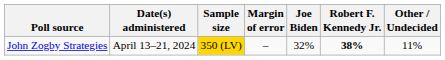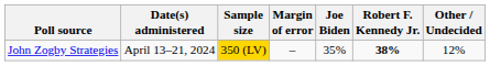 <table class="wikitable sortable mw-datatable" style="font-size:90%;text-align:center;line-height:17px">
 <tr style="vertical-align:bottom">
 <th>Poll source</th>
 <th>Date(s)<br>administered</th>
 <th>Sample<br>size</th>
 <th>Margin<br>of error</th>
 <th class="unsortable">Joe<br>Biden<br></th>
 <th class="unsortable">Robert F.<br>Kennedy Jr.<br></th>
 <th class="unsortable">Other /<br>Undecided</th>
 </tr>
 <tr>
 <td style="text-align:left;"><a href='#'>John Zogby Strategies</a></td>
 <td data-sort-value="2024-05-01">April 13–21, 2024</td>
 <td style="background: gold;">350 (LV)</td>
 <td>–</td>
-<td>32%</td>
+<td>35%</td>
 <td style="background-color:"><strong>38%</strong></td>
-<td>11%</td>
+<td>12%</td>
 </tr>
 </table>
